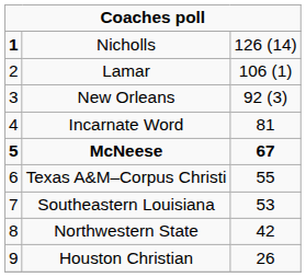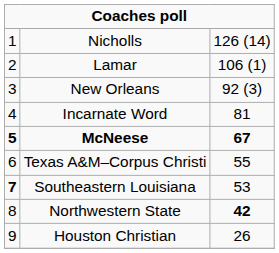 <table class="wikitable">
 <tr align="center">
 <td align="center" Colspan="3"><strong>Coaches poll</strong></td>
 </tr>
 <tr align="center">
 </tr>
 <tr align="center">
-<td><strong>1</strong></td>
+<td>1</td>
 <td>Nicholls</td>
 <td>126 (14)</td>
 </tr>
 <tr align="center">
 <td>2</td>
 <td>Lamar</td>
 <td>106 (1)</td>
 </tr>
 <tr align="center">
 <td>3</td>
 <td>New Orleans</td>
 <td>92 (3)</td>
 </tr>
 <tr align="center">
 <td>4</td>
 <td>Incarnate Word</td>
 <td>81</td>
 </tr>
 <tr align="center">
 <td><strong>5</strong></td>
 <td><strong>McNeese</strong></td>
 <td><strong>67</strong></td>
 </tr>
 <tr align="center">
 <td>6</td>
 <td>Texas A&M–Corpus Christi</td>
 <td>55</td>
 </tr>
 <tr align="center">
-<td>7</td>
+<td><strong>7</strong></td>
 <td>Southeastern Louisiana</td>
 <td>53</td>
 </tr>
 <tr align="center">
 <td>8</td>
 <td>Northwestern State</td>
-<td>42</td>
+<td><strong>42</strong></td>
 </tr>
 <tr align="center">
 <td>9</td>
 <td>Houston Christian</td>
 <td>26</td>
 </tr>
 <tr align="center">
 </tr>
 </table>
